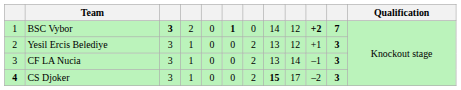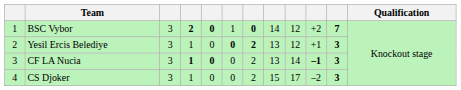 <table class="wikitable" style="font-size: 95%">
 <tr>
 <th width="25"></th>
 <th width="200">Team</th>
 <th width="25"></th>
 <th width="25"></th>
 <th width="25"></th>
 <th width="25"></th>
 <th width="25"></th>
 <th width="25"></th>
 <th width="25"></th>
 <th width="25"></th>
 <th width="25"></th>
 <th width="160">Qualification</th>
 </tr>
 <tr align=center bgcolor=#bbf3bb>
 <td>1</td>
 <td align=left> BSC Vybor</td>
-<td><strong>3</strong></td>
-<td>2</td>
-<td>0</td>
-<td><strong>1</strong></td>
-<td>0</td>
+<td>3</td>
+<td><strong>2</strong></td>
+<td><strong>0</strong></td>
+<td>1</td>
+<td><strong>0</strong></td>
 <td>14</td>
 <td>12</td>
-<td><strong>+2</strong></td>
+<td>+2</td>
 <td><strong>7</strong></td>
 <td rowspan=4>Knockout stage</td>
 </tr>
 <tr align=center bgcolor=#bbf3bb>
 <td>2</td>
 <td align=left> Yesil Ercis Belediye</td>
 <td>3</td>
 <td>1</td>
 <td>0</td>
-<td>0</td>
-<td>2</td>
+<td><strong>0</strong></td>
+<td><strong>2</strong></td>
 <td>13</td>
 <td>12</td>
 <td>+1</td>
 <td><strong>3</strong></td>
 </tr>
 <tr align=center bgcolor=#bbf3bb>
 <td>3</td>
 <td align=left> CF LA Nucia</td>
 <td>3</td>
-<td>1</td>
-<td>0</td>
+<td><strong>1</strong></td>
+<td><strong>0</strong></td>
 <td>0</td>
 <td>2</td>
 <td>13</td>
 <td>14</td>
-<td>–1</td>
+<td><strong>–1</strong></td>
 <td><strong>3</strong></td>
 </tr>
 <tr align=center bgcolor=#bbf3bb>
-<td><strong>4</strong></td>
+<td>4</td>
 <td align=left> CS Djoker</td>
 <td>3</td>
 <td>1</td>
 <td>0</td>
 <td>0</td>
 <td>2</td>
-<td><strong>15</strong></td>
+<td>15</td>
 <td>17</td>
 <td>–2</td>
 <td><strong>3</strong></td>
 </tr>
 </table>
